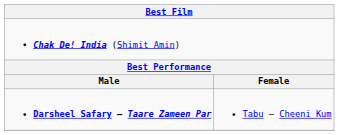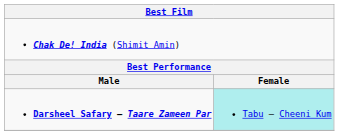 <table class="wikitable">
 <tr>
 <th colspan=2><a href='#'>Best Film</a></th>
 </tr>
 <tr>
 <td colspan=2><br><ul><li><strong><em><a href='#'>Chak De! India</a></em></strong> (<a href='#'>Shimit Amin</a>)</li></ul></td>
 </tr>
 <tr>
 <th colspan=2><a href='#'>Best Performance</a></th>
 </tr>
 <tr>
 <th>Male</th>
 <th>Female</th>
 </tr>
 <tr>
 <td><br><ul><li><strong><a href='#'>Darsheel Safary</a> – <em><a href='#'>Taare Zameen Par</a><strong><em></li></ul></td>
-<td><br><ul><li></strong><a href='#'>Tabu</a> – </em><a href='#'>Cheeni Kum</a></em></strong></li></ul></td>
+<td style="background: paleturquoise;"><br><ul><li></strong><a href='#'>Tabu</a> – </em><a href='#'>Cheeni Kum</a></em></strong></li></ul></td>
 </tr>
 <tr>
 </tr>
 </table>
